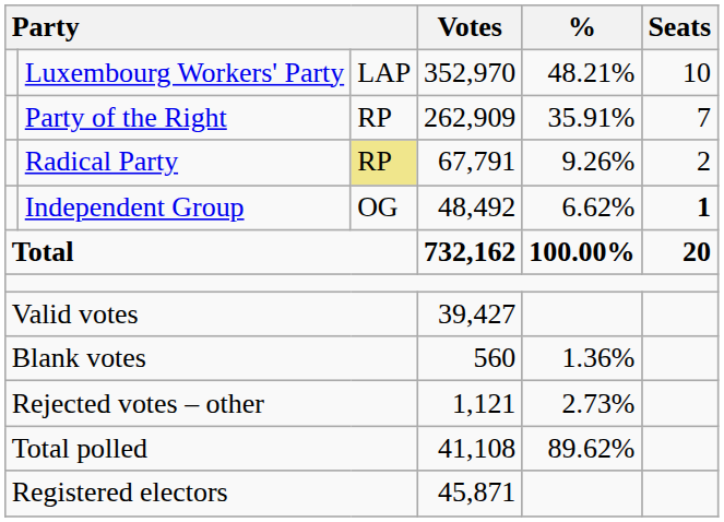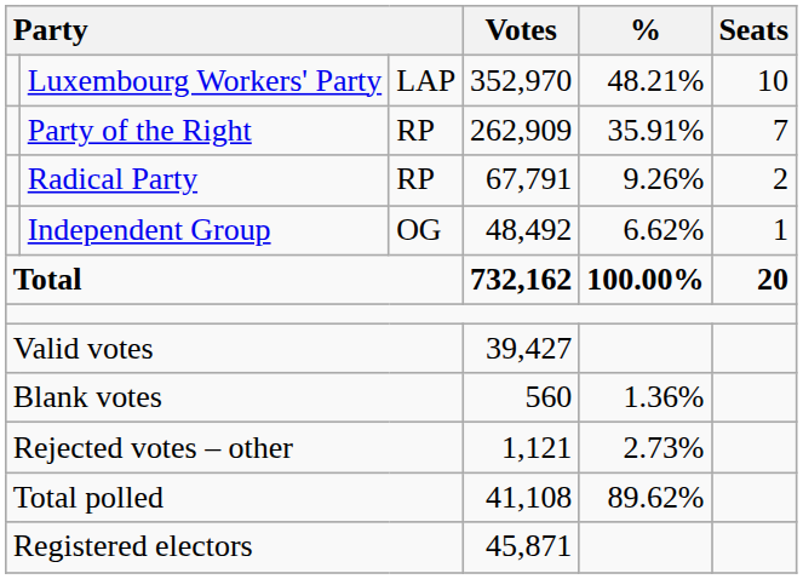 <table class="wikitable" border="1" style="text-align:right;">
 <tr>
 <th style="text-align:left;" valign=bottom colspan=3>Party</th>
 <th align=center valign=bottom width="50">Votes</th>
 <th align=center valign=bottom width="50">%</th>
 <th align=center>Seats</th>
 </tr>
 <tr>
 <td></td>
 <td align=left><a href='#'>Luxembourg Workers' Party</a></td>
 <td align=left>LAP</td>
 <td>352,970</td>
 <td>48.21%</td>
 <td>10</td>
 </tr>
 <tr>
 <td></td>
 <td align=left><a href='#'>Party of the Right</a></td>
 <td align=left>RP</td>
 <td>262,909</td>
 <td>35.91%</td>
 <td>7</td>
 </tr>
 <tr>
 <td></td>
 <td align=left><a href='#'>Radical Party</a></td>
-<td align=left style="background: khaki;">RP</td>
+<td align=left>RP</td>
 <td>67,791</td>
 <td>9.26%</td>
 <td>2</td>
 </tr>
 <tr>
 <td></td>
 <td align=left><a href='#'>Independent Group</a></td>
 <td align=left>OG</td>
 <td>48,492</td>
 <td>6.62%</td>
-<td><strong>1</strong></td>
+<td>1</td>
 </tr>
 <tr style="font-weight:bold">
 <td align=left colspan=3>Total</td>
 <td>732,162</td>
 <td>100.00%</td>
 <td>20</td>
 </tr>
 <tr>
 <td colspan=6 height="2"></td>
 </tr>
 <tr>
 <td align=left colspan=3>Valid votes</td>
 <td>39,427</td>
 <td></td>
 <td></td>
 </tr>
 <tr>
 <td align=left colspan=3>Blank votes</td>
 <td>560</td>
 <td>1.36%</td>
 <td></td>
 </tr>
 <tr>
 <td align=left colspan=3>Rejected votes – other</td>
 <td>1,121</td>
 <td>2.73%</td>
 <td></td>
 </tr>
 <tr>
 <td align=left colspan=3>Total polled</td>
 <td>41,108</td>
 <td>89.62%</td>
 <td></td>
 </tr>
 <tr>
 <td align=left colspan=3>Registered electors</td>
 <td>45,871</td>
 <td></td>
 <td></td>
 </tr>
 </table>
